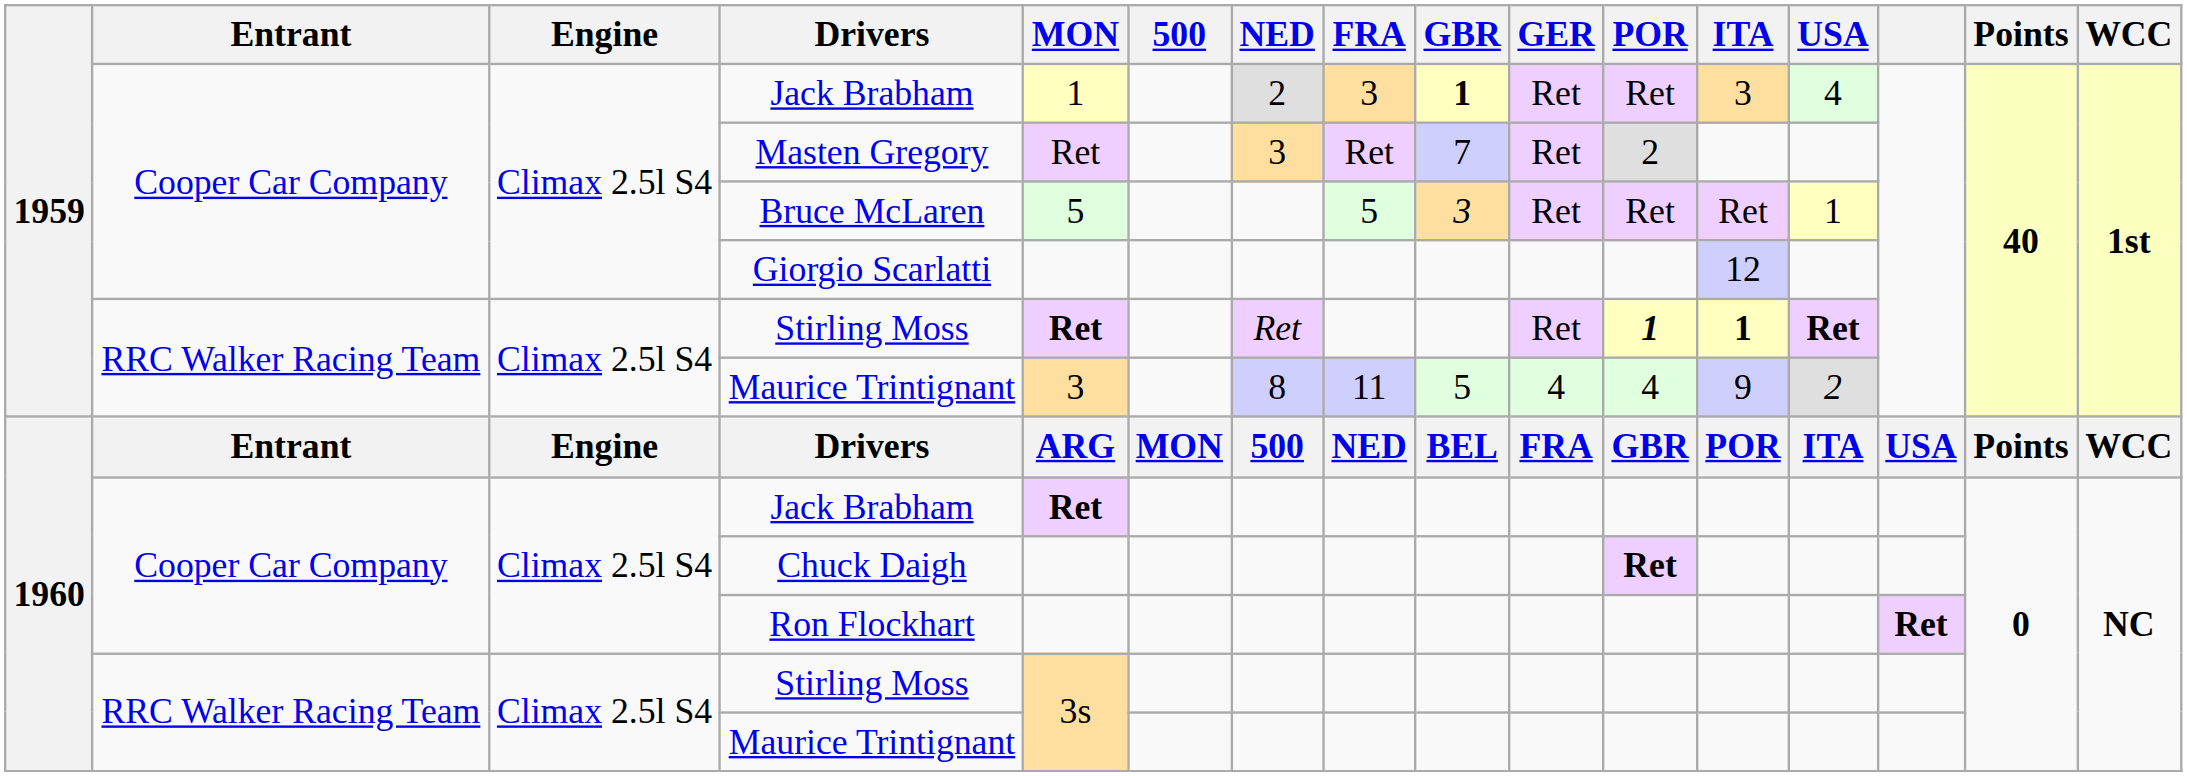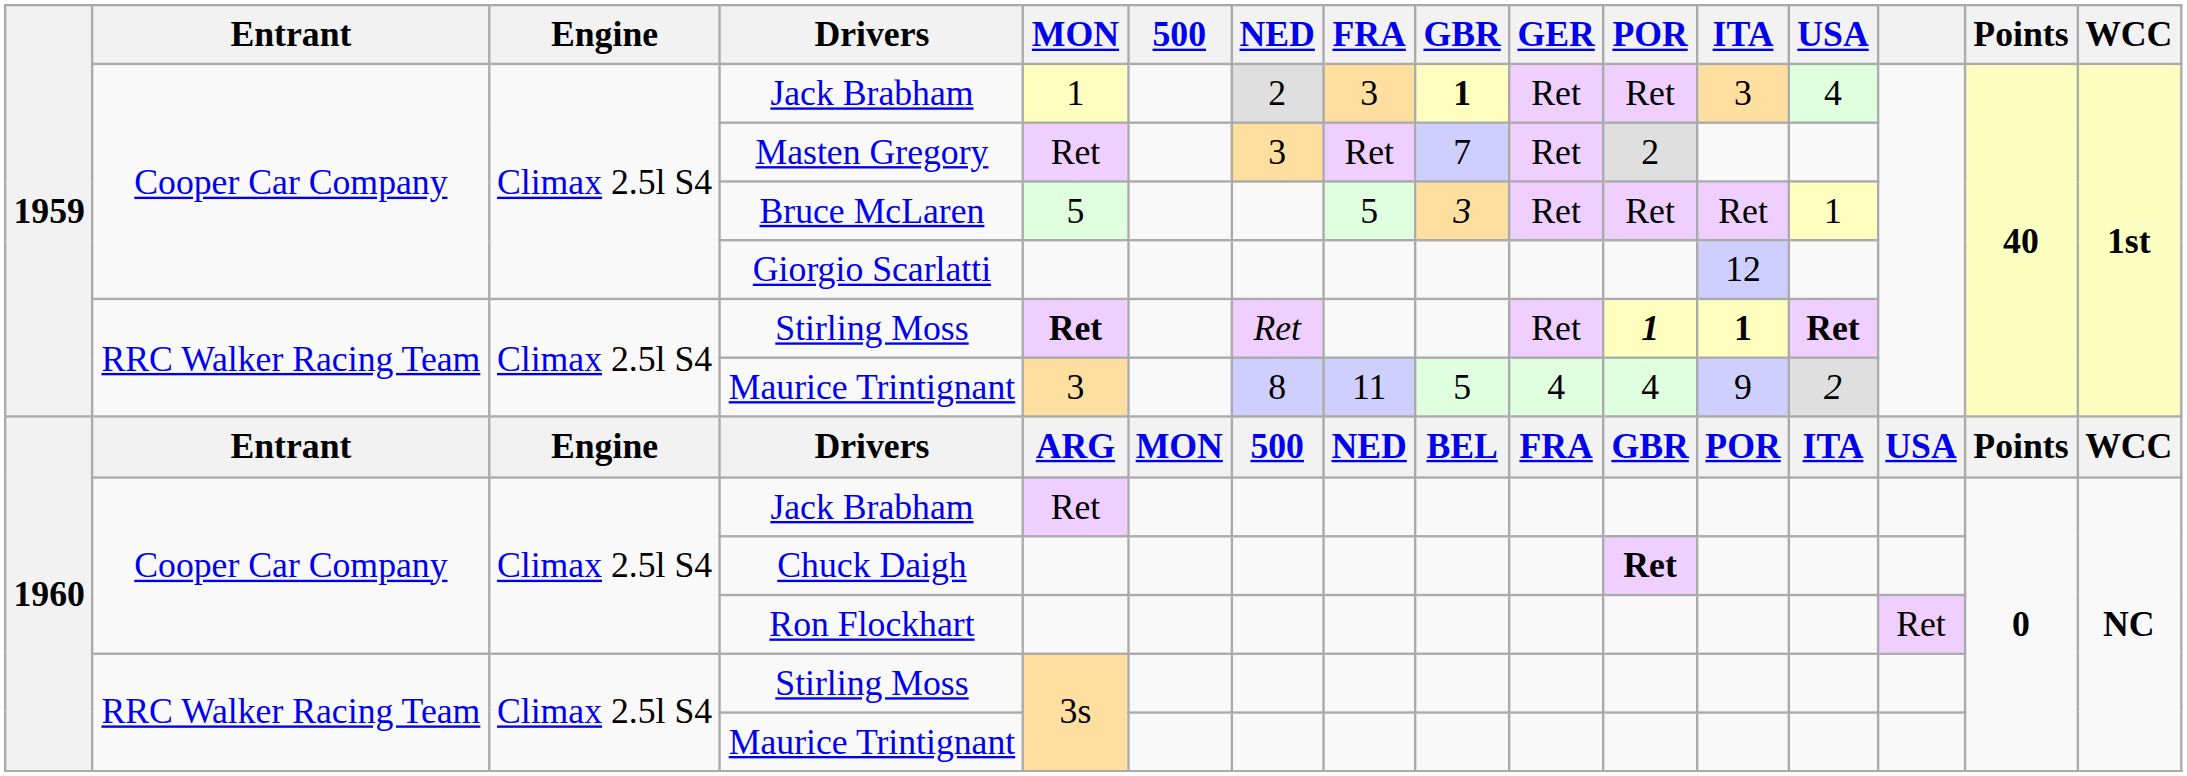 <table class="wikitable" style="text-align:center; font-size:95%">
 <tr>
 <th rowspan="7">1959</th>
 <th>Entrant</th>
 <th>Engine</th>
 <th>Drivers</th>
 <th><a href='#'>MON</a></th>
 <th><a href='#'>500</a></th>
 <th><a href='#'>NED</a></th>
 <th><a href='#'>FRA</a></th>
 <th><a href='#'>GBR</a></th>
 <th><a href='#'>GER</a></th>
 <th><a href='#'>POR</a></th>
 <th><a href='#'>ITA</a></th>
 <th><a href='#'>USA</a></th>
 <th></th>
 <th>Points</th>
 <th>WCC</th>
 </tr>
 <tr>
 <td rowspan="4"><a href='#'>Cooper Car Company</a></td>
 <td rowspan="4"><a href='#'>Climax</a> 2.5l S4</td>
 <td><a href='#'>Jack Brabham</a></td>
 <td style="background:#ffffbf;">1</td>
 <td></td>
 <td style="background:#dfdfdf;">2</td>
 <td style="background:#ffdf9f;">3</td>
 <td style="background:#ffffbf;"><strong>1</strong></td>
 <td style="background:#efcfff;">Ret</td>
 <td style="background:#efcfff;">Ret</td>
 <td style="background:#ffdf9f;">3</td>
 <td style="background:#dfffdf;">4</td>
 <td rowspan="6"></td>
 <td rowspan="6" style="background:#FBFFBF;"><strong>40</strong></td>
 <td rowspan="6" style="background:#FBFFBF;"><strong>1st</strong></td>
 </tr>
 <tr>
 <td><a href='#'>Masten Gregory</a></td>
 <td style="background:#efcfff;">Ret</td>
 <td></td>
 <td style="background:#ffdf9f;">3</td>
 <td style="background:#efcfff;">Ret</td>
 <td style="background:#cfcfff;">7</td>
 <td style="background:#efcfff;">Ret</td>
 <td style="background:#dfdfdf;">2</td>
 <td></td>
 <td></td>
 </tr>
 <tr>
 <td><a href='#'>Bruce McLaren</a></td>
 <td style="background:#dfffdf;">5</td>
 <td></td>
 <td></td>
 <td style="background:#dfffdf;">5</td>
 <td style="background:#ffdf9f;"><em>3</em></td>
 <td style="background:#efcfff;">Ret</td>
 <td style="background:#efcfff;">Ret</td>
 <td style="background:#efcfff;">Ret</td>
 <td style="background:#ffffbf;">1</td>
 </tr>
 <tr>
 <td><a href='#'>Giorgio Scarlatti</a></td>
 <td></td>
 <td></td>
 <td></td>
 <td></td>
 <td></td>
 <td></td>
 <td></td>
 <td style="background:#cfcfff;">12</td>
 <td></td>
 </tr>
 <tr>
 <td rowspan="2"><a href='#'>RRC Walker Racing Team</a></td>
 <td rowspan="2"><a href='#'>Climax</a> 2.5l S4</td>
 <td><a href='#'>Stirling Moss</a></td>
 <td style="background:#efcfff;"><strong>Ret</strong></td>
 <td></td>
 <td style="background:#efcfff;"><em>Ret</em></td>
 <td></td>
 <td></td>
 <td style="background:#efcfff;">Ret</td>
 <td style="background:#ffffbf;"><strong><em>1</em></strong></td>
 <td style="background:#ffffbf;"><strong>1</strong></td>
 <td style="background:#efcfff;"><strong>Ret</strong></td>
 </tr>
 <tr>
 <td><a href='#'>Maurice Trintignant</a></td>
 <td style="background:#ffdf9f;">3</td>
 <td></td>
 <td style="background:#cfcfff;">8</td>
 <td style="background:#cfcfff;">11</td>
 <td style="background:#dfffdf;">5</td>
 <td style="background:#dfffdf;">4</td>
 <td style="background:#dfffdf;">4</td>
 <td style="background:#cfcfff;">9</td>
 <td style="background:#dfdfdf;"><em>2</em></td>
 </tr>
 <tr>
 <th rowspan="6">1960</th>
 <th>Entrant</th>
 <th>Engine</th>
 <th>Drivers</th>
 <th><a href='#'>ARG</a></th>
 <th><a href='#'>MON</a></th>
 <th><a href='#'>500</a></th>
 <th><a href='#'>NED</a></th>
 <th><a href='#'>BEL</a></th>
 <th><a href='#'>FRA</a></th>
 <th><a href='#'>GBR</a></th>
 <th><a href='#'>POR</a></th>
 <th><a href='#'>ITA</a></th>
 <th><a href='#'>USA</a></th>
 <th>Points</th>
 <th>WCC</th>
 </tr>
 <tr>
 <td rowspan="3"><a href='#'>Cooper Car Company</a></td>
 <td rowspan="3"><a href='#'>Climax</a> 2.5l S4</td>
 <td><a href='#'>Jack Brabham</a></td>
-<td style="background:#efcfff;"><strong>Ret</strong></td>
+<td style="background:#efcfff;">Ret</td>
 <td></td>
 <td></td>
 <td></td>
 <td></td>
 <td></td>
 <td></td>
 <td></td>
 <td></td>
 <td></td>
 <td rowspan="5"><strong>0</strong></td>
 <td rowspan="5"><strong>NC</strong></td>
 </tr>
 <tr>
 <td><a href='#'>Chuck Daigh</a></td>
 <td></td>
 <td></td>
 <td></td>
 <td></td>
 <td></td>
 <td></td>
 <td style="background:#efcfff;"><strong>Ret</strong></td>
 <td></td>
 <td></td>
 <td></td>
 </tr>
 <tr>
 <td><a href='#'>Ron Flockhart</a></td>
 <td></td>
 <td></td>
 <td></td>
 <td></td>
 <td></td>
 <td></td>
 <td></td>
 <td></td>
 <td></td>
-<td style="background:#efcfff;"><strong>Ret</strong></td>
+<td style="background:#efcfff;">Ret</td>
 </tr>
 <tr>
 <td rowspan="2"><a href='#'>RRC Walker Racing Team</a></td>
 <td rowspan="2"><a href='#'>Climax</a> 2.5l S4</td>
 <td><a href='#'>Stirling Moss</a></td>
 <td rowspan="2" style="background:#ffdf9f;">3s</td>
 <td></td>
 <td></td>
 <td></td>
 <td></td>
 <td></td>
 <td></td>
 <td></td>
 <td></td>
 <td></td>
 </tr>
 <tr>
 <td><a href='#'>Maurice Trintignant</a></td>
 <td></td>
 <td></td>
 <td></td>
 <td></td>
 <td></td>
 <td></td>
 <td></td>
 <td></td>
 <td></td>
 </tr>
 <tr>
 </tr>
 </table>
